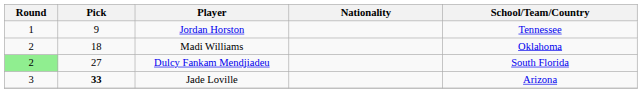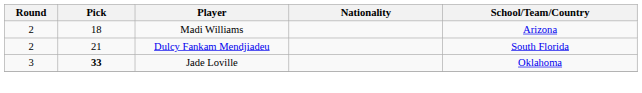 <table class="wikitable" style="text-align:center; width:60em">
 <tr>
 <th width="2%">Round</th>
 <th width="5%">Pick</th>
 <th width="10%">Player</th>
 <th width="10%">Nationality</th>
 <th width="10%">School/Team/Country</th>
 </tr>
 <tr>
-<td>1</td>
-<td>9</td>
-<td><a href='#'>Jordan Horston</a></td>
-<td></td>
-<td><a href='#'>Tennessee</a></td>
-</tr>
-<tr>
 <td>2</td>
 <td>18</td>
 <td>Madi Williams</td>
 <td></td>
-<td><a href='#'>Oklahoma</a></td>
+<td><a href='#'>Arizona</a></td>
 </tr>
 <tr>
-<td style="background: lightgreen;">2</td>
-<td>27</td>
+<td>2</td>
+<td>21</td>
 <td><a href='#'>Dulcy Fankam Mendjiadeu</a></td>
 <td></td>
 <td><a href='#'>South Florida</a></td>
 </tr>
 <tr>
 <td>3</td>
 <td><strong>33</strong></td>
 <td>Jade Loville</td>
 <td></td>
-<td><a href='#'>Arizona</a></td>
+<td><a href='#'>Oklahoma</a></td>
 </tr>
 <tr>
 </tr>
 </table>
